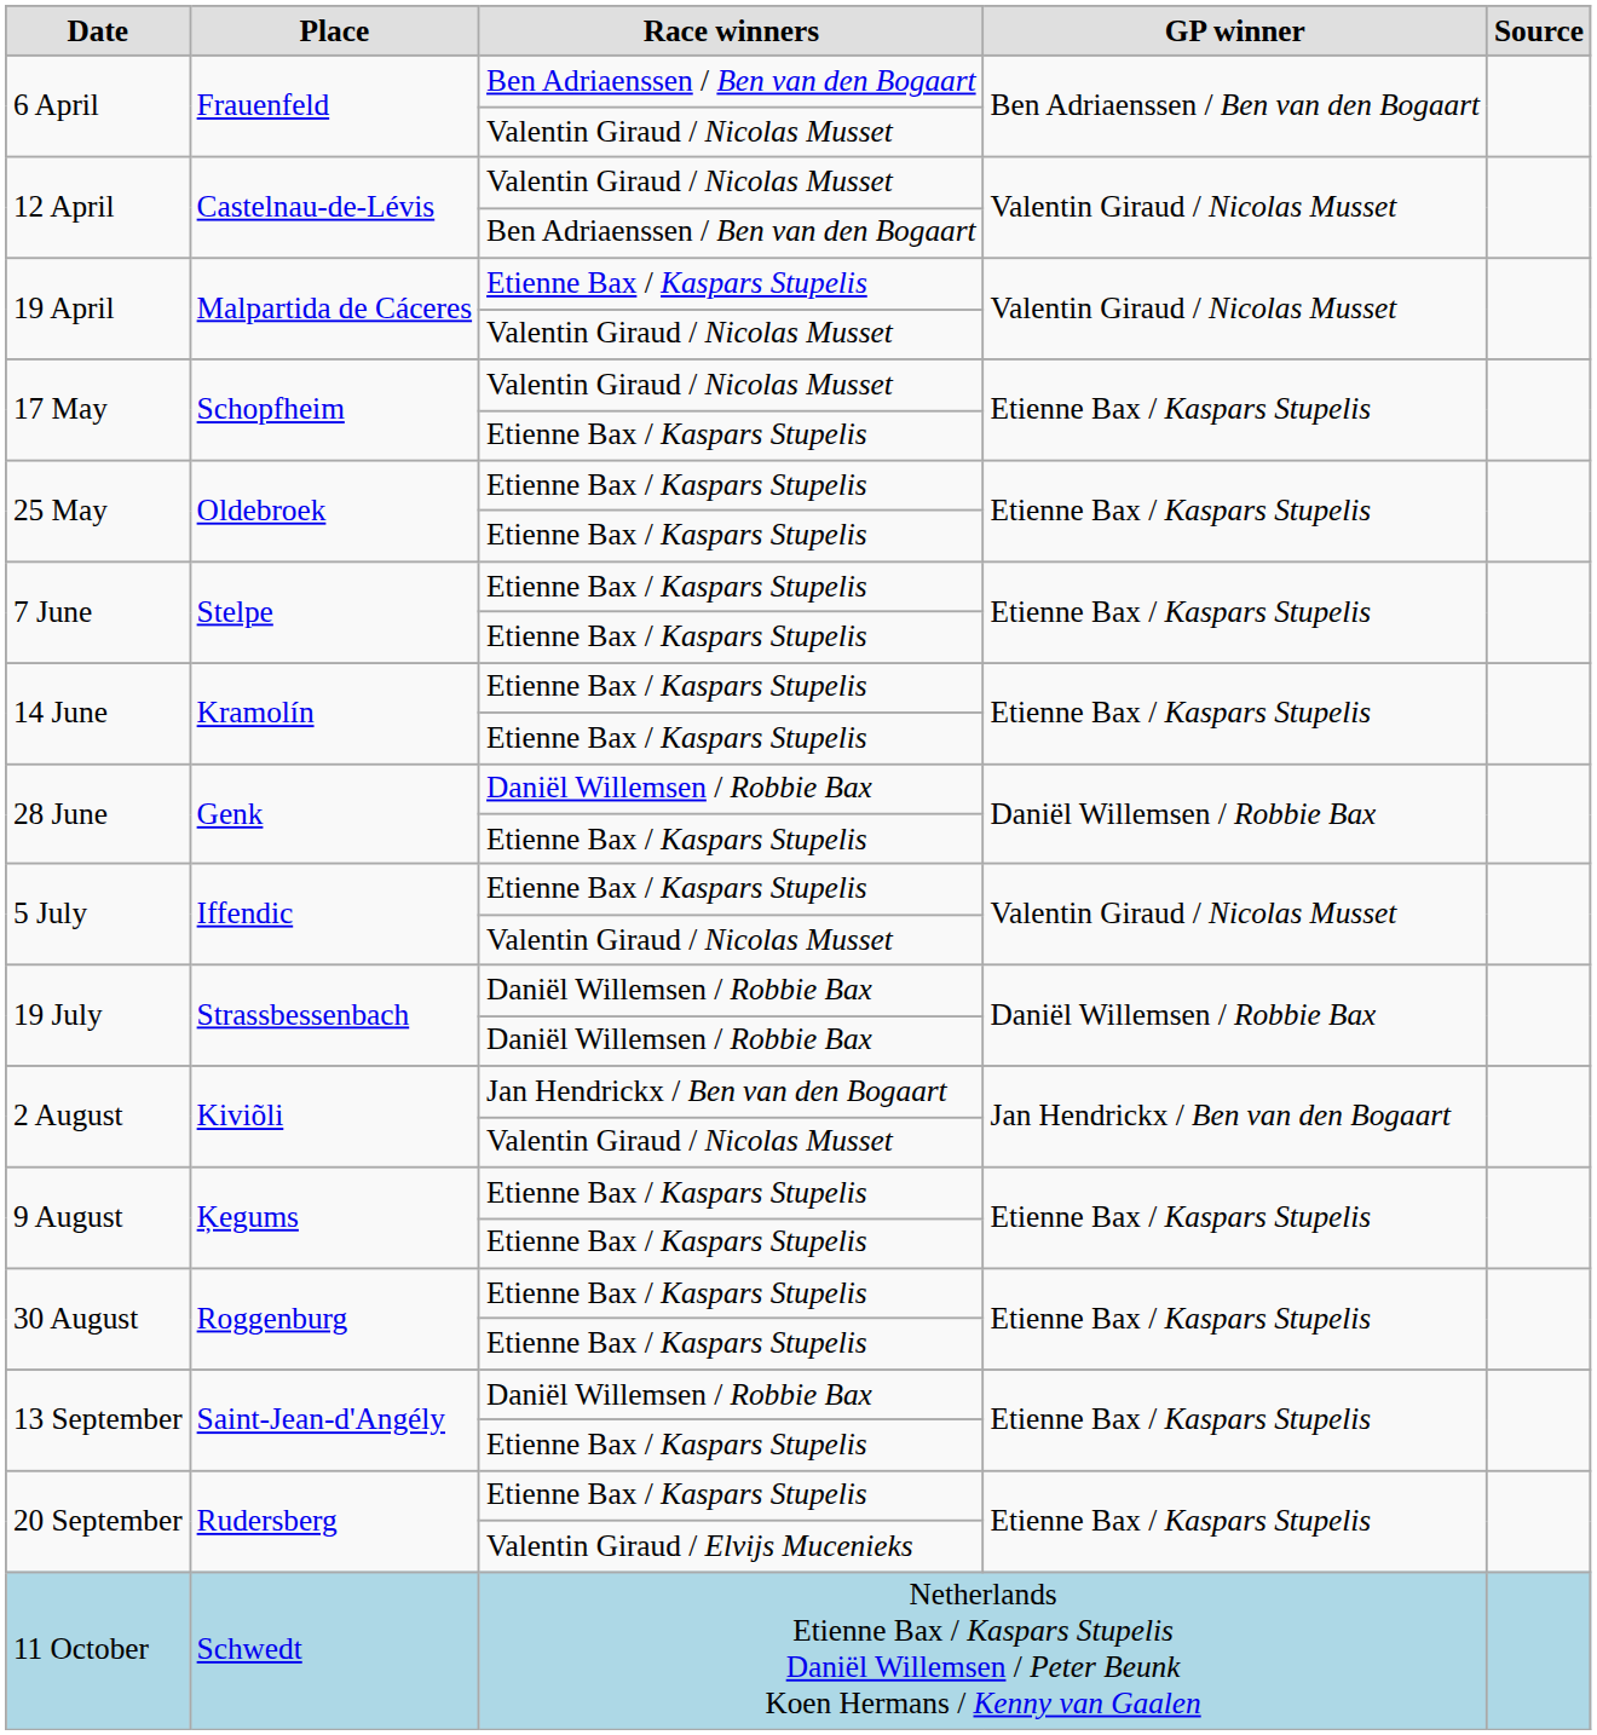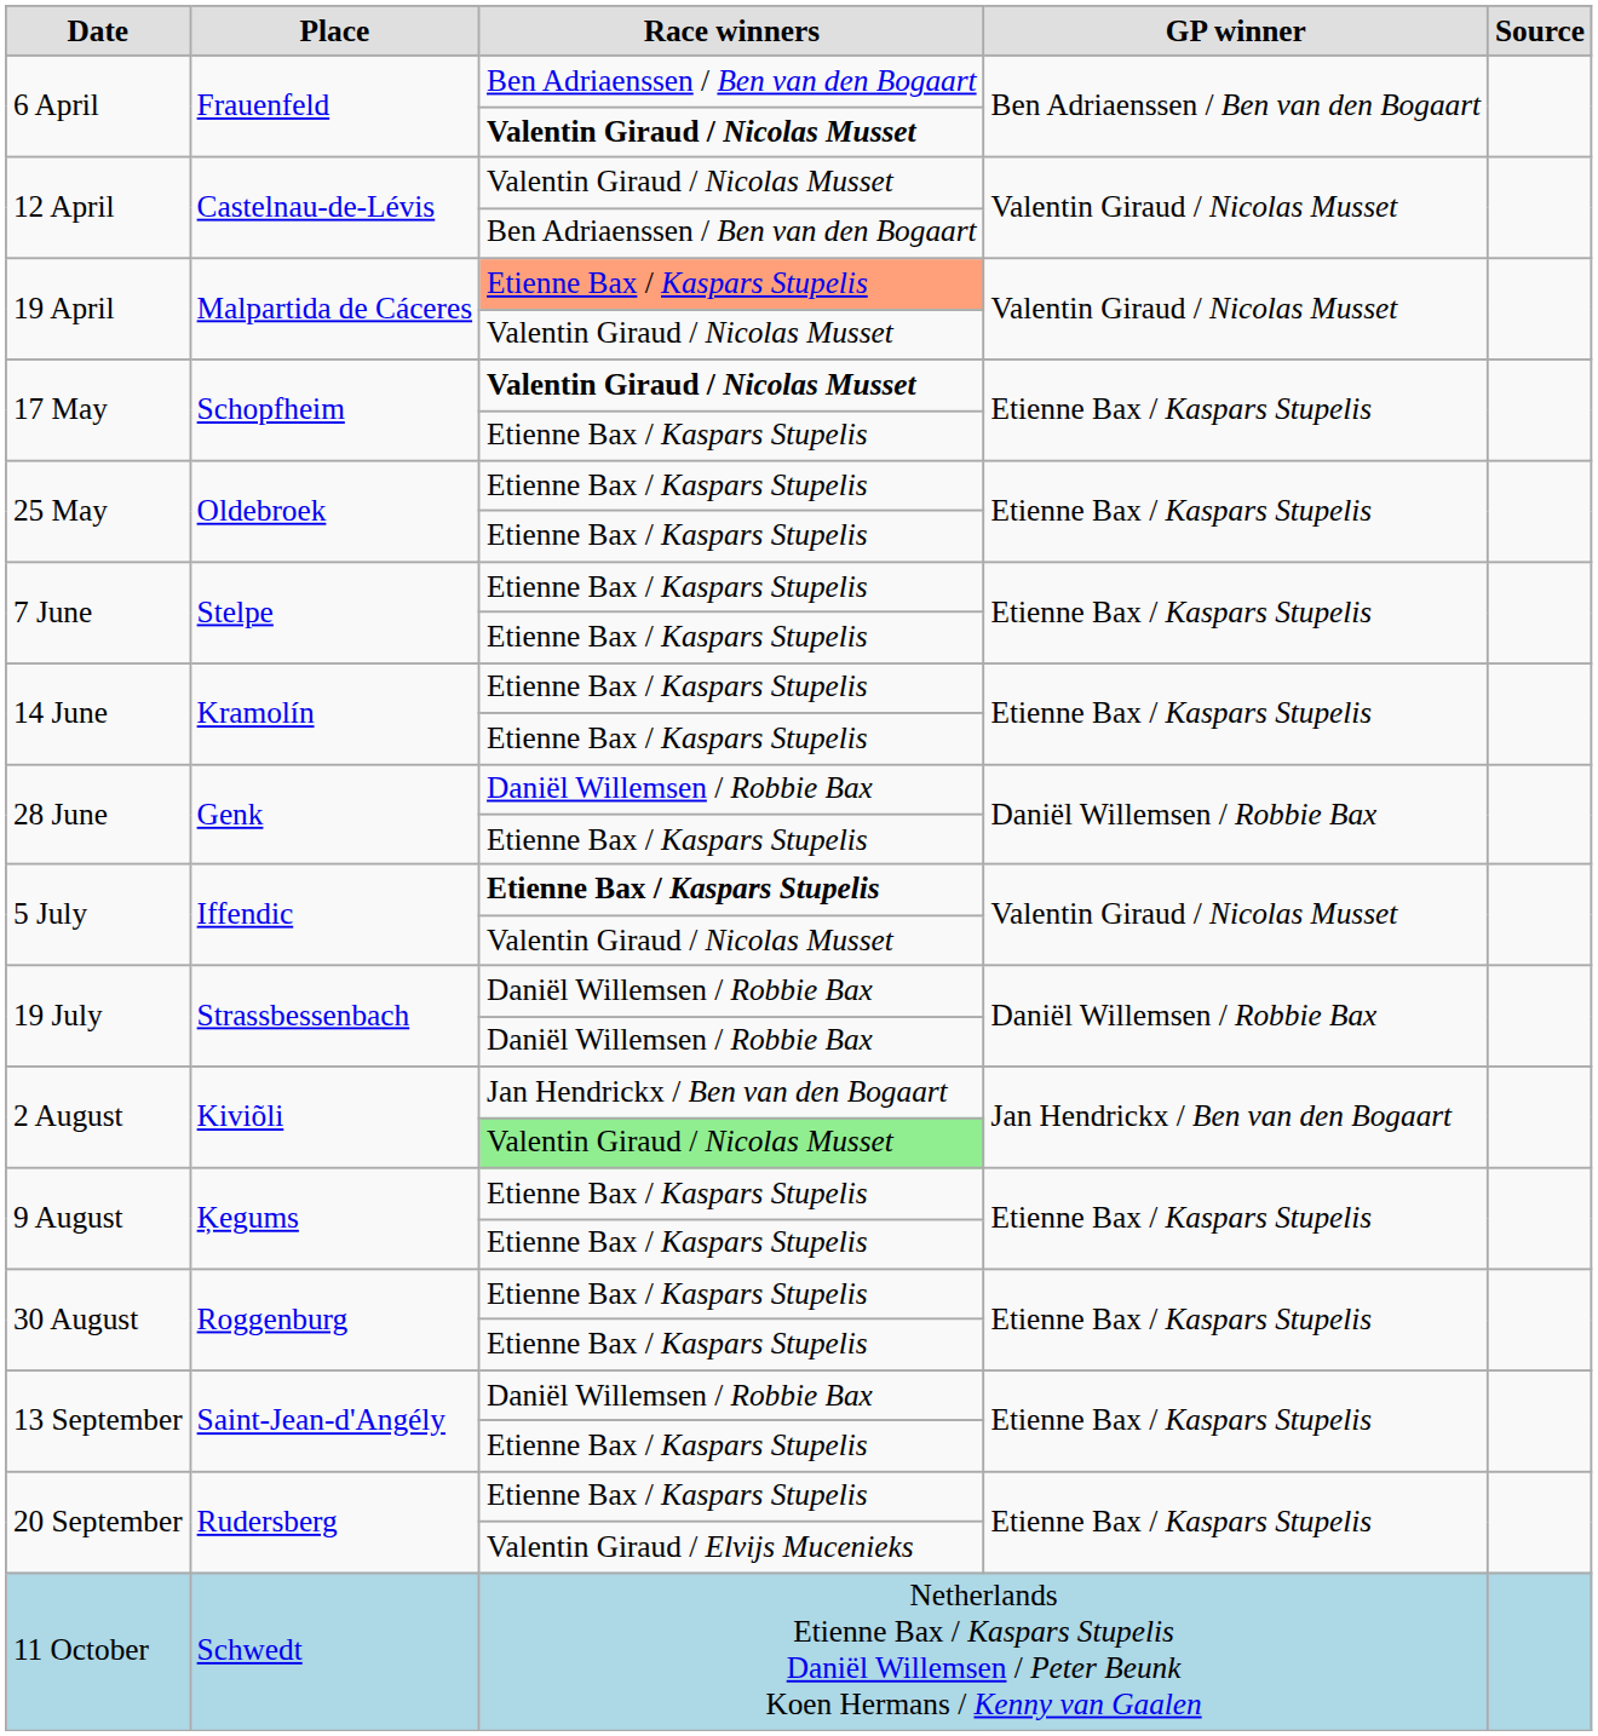 <table class="wikitable" style="font-size: 85%;">
 <tr align="center" style="background:#dfdfdf;">
 <td><strong>Date</strong></td>
 <td><strong>Place</strong></td>
 <td><strong>Race winners</strong></td>
 <td><strong>GP winner</strong></td>
 <td><strong>Source</strong></td>
 </tr>
 <tr>
 <td rowspan=2>6 April</td>
 <td rowspan=2> <a href='#'>Frauenfeld</a></td>
 <td> <a href='#'>Ben Adriaenssen</a> /  <em><a href='#'>Ben van den Bogaart</a></em></td>
 <td rowspan=2> Ben Adriaenssen /  <em>Ben van den Bogaart</em></td>
 <td rowspan=2></td>
 </tr>
 <tr>
-<td> Valentin Giraud / <em>Nicolas Musset</em></td>
+<td><strong> Valentin Giraud / <em>Nicolas Musset</em></strong></td>
 </tr>
 <tr>
 <td rowspan=2>12 April</td>
 <td rowspan=2> <a href='#'>Castelnau-de-Lévis</a></td>
 <td> Valentin Giraud / <em>Nicolas Musset</em></td>
 <td rowspan=2> Valentin Giraud / <em>Nicolas Musset</em></td>
 <td rowspan=2></td>
 </tr>
 <tr>
 <td> Ben Adriaenssen /  <em>Ben van den Bogaart</em></td>
 </tr>
 <tr>
 <td rowspan=2>19 April</td>
 <td rowspan=2> <a href='#'>Malpartida de Cáceres</a></td>
-<td> <a href='#'>Etienne Bax</a> /  <em><a href='#'>Kaspars Stupelis</a></em></td>
+<td style="background: lightsalmon;"> <a href='#'>Etienne Bax</a> /  <em><a href='#'>Kaspars Stupelis</a></em></td>
 <td rowspan=2> Valentin Giraud / <em>Nicolas Musset</em></td>
 <td rowspan=2></td>
 </tr>
 <tr>
 <td> Valentin Giraud / <em>Nicolas Musset</em></td>
 </tr>
 <tr>
 <td rowspan=2>17 May</td>
 <td rowspan=2> <a href='#'>Schopfheim</a></td>
-<td> Valentin Giraud / <em>Nicolas Musset</em></td>
+<td><strong> Valentin Giraud / <em>Nicolas Musset</em></strong></td>
 <td rowspan=2> Etienne Bax /  <em>Kaspars Stupelis</em></td>
 <td rowspan=2></td>
 </tr>
 <tr>
 <td> Etienne Bax /  <em>Kaspars Stupelis</em></td>
 </tr>
 <tr>
 <td rowspan=2>25 May</td>
 <td rowspan=2> <a href='#'>Oldebroek</a></td>
 <td> Etienne Bax /  <em>Kaspars Stupelis</em></td>
 <td rowspan=2> Etienne Bax /  <em>Kaspars Stupelis</em></td>
 <td rowspan=2></td>
 </tr>
 <tr>
 <td> Etienne Bax /  <em>Kaspars Stupelis</em></td>
 </tr>
 <tr>
 <td rowspan=2>7 June</td>
 <td rowspan=2> <a href='#'>Stelpe</a></td>
 <td> Etienne Bax /  <em>Kaspars Stupelis</em></td>
 <td rowspan=2> Etienne Bax /  <em>Kaspars Stupelis</em></td>
 <td rowspan=2></td>
 </tr>
 <tr>
 <td> Etienne Bax /  <em>Kaspars Stupelis</em></td>
 </tr>
 <tr>
 <td rowspan=2>14 June</td>
 <td rowspan=2> <a href='#'>Kramolín</a></td>
 <td> Etienne Bax /  <em>Kaspars Stupelis</em></td>
 <td rowspan=2> Etienne Bax /  <em>Kaspars Stupelis</em></td>
 <td rowspan=2></td>
 </tr>
 <tr>
 <td> Etienne Bax /  <em>Kaspars Stupelis</em></td>
 </tr>
 <tr>
 <td rowspan=2>28 June</td>
 <td rowspan=2> <a href='#'>Genk</a></td>
 <td> <a href='#'>Daniël Willemsen</a> / <em>Robbie Bax</em></td>
 <td rowspan=2> Daniël Willemsen / <em>Robbie Bax</em></td>
 <td rowspan=2></td>
 </tr>
 <tr>
 <td> Etienne Bax /  <em>Kaspars Stupelis</em></td>
 </tr>
 <tr>
 <td rowspan=2>5 July</td>
 <td rowspan=2> <a href='#'>Iffendic</a></td>
-<td> Etienne Bax /  <em>Kaspars Stupelis</em></td>
+<td><strong> Etienne Bax /  <em>Kaspars Stupelis</em></strong></td>
 <td rowspan=2> Valentin Giraud / <em>Nicolas Musset</em></td>
 <td rowspan=2></td>
 </tr>
 <tr>
 <td> Valentin Giraud / <em>Nicolas Musset</em></td>
 </tr>
 <tr>
 <td rowspan=2>19 July</td>
 <td rowspan=2> <a href='#'>Strassbessenbach</a></td>
 <td> Daniël Willemsen / <em>Robbie Bax</em></td>
 <td rowspan=2> Daniël Willemsen / <em>Robbie Bax</em></td>
 <td rowspan=2></td>
 </tr>
 <tr>
 <td> Daniël Willemsen / <em>Robbie Bax</em></td>
 </tr>
 <tr>
 <td rowspan=2>2 August</td>
 <td rowspan=2> <a href='#'>Kiviõli</a></td>
 <td> Jan Hendrickx /  <em>Ben van den Bogaart</em></td>
 <td rowspan=2> Jan Hendrickx /  <em>Ben van den Bogaart</em></td>
 <td rowspan=2></td>
 </tr>
 <tr>
-<td> Valentin Giraud / <em>Nicolas Musset</em></td>
+<td style="background: lightgreen;"> Valentin Giraud / <em>Nicolas Musset</em></td>
 </tr>
 <tr>
 <td rowspan=2>9 August</td>
 <td rowspan=2> <a href='#'>Ķegums</a></td>
 <td> Etienne Bax /  <em>Kaspars Stupelis</em></td>
 <td rowspan=2> Etienne Bax /  <em>Kaspars Stupelis</em></td>
 <td rowspan=2></td>
 </tr>
 <tr>
 <td> Etienne Bax /  <em>Kaspars Stupelis</em></td>
 </tr>
 <tr>
 <td rowspan=2>30 August</td>
 <td rowspan=2> <a href='#'>Roggenburg</a></td>
 <td> Etienne Bax /  <em>Kaspars Stupelis</em></td>
 <td rowspan=2> Etienne Bax /  <em>Kaspars Stupelis</em></td>
 <td rowspan=2></td>
 </tr>
 <tr>
 <td> Etienne Bax /  <em>Kaspars Stupelis</em></td>
 </tr>
 <tr>
 <td rowspan=2>13 September</td>
 <td rowspan=2> <a href='#'>Saint-Jean-d'Angély</a></td>
 <td> Daniël Willemsen / <em>Robbie Bax</em></td>
 <td rowspan=2> Etienne Bax /  <em>Kaspars Stupelis</em></td>
 <td rowspan=2></td>
 </tr>
 <tr>
 <td> Etienne Bax /  <em>Kaspars Stupelis</em></td>
 </tr>
 <tr>
 <td rowspan=2>20 September</td>
 <td rowspan=2> <a href='#'>Rudersberg</a></td>
 <td> Etienne Bax /  <em>Kaspars Stupelis</em></td>
 <td rowspan=2> Etienne Bax /  <em>Kaspars Stupelis</em></td>
 <td rowspan=2></td>
 </tr>
 <tr>
 <td> Valentin Giraud /  <em>Elvijs Mucenieks</em></td>
 </tr>
 <tr style="background:lightblue;">
 <td rowspan=2>11 October</td>
 <td rowspan=2> <a href='#'>Schwedt</a></td>
 <td colspan=2 align="center"> Netherlands<br>Etienne Bax / <em>Kaspars Stupelis</em><br><a href='#'>Daniël Willemsen</a> / <em>Peter Beunk</em><br>Koen Hermans / <em><a href='#'>Kenny van Gaalen</a></em></td>
 <td></td>
 </tr>
 </table>
